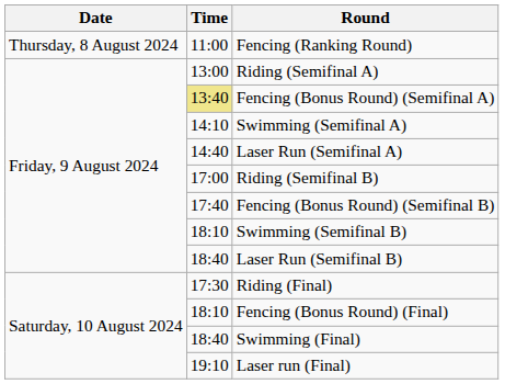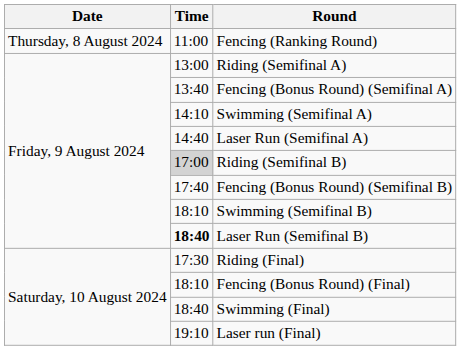 <table class="wikitable">
 <tr>
 <th>Date</th>
 <th>Time</th>
 <th>Round</th>
 </tr>
 <tr>
 <td>Thursday, 8 August 2024</td>
 <td>11:00</td>
 <td>Fencing (Ranking Round)</td>
 </tr>
 <tr>
 <td rowspan="8">Friday, 9 August 2024</td>
 <td>13:00</td>
 <td>Riding (Semifinal A)</td>
 </tr>
 <tr>
-<td style="background: khaki;">13:40</td>
+<td>13:40</td>
 <td>Fencing (Bonus Round) (Semifinal A)</td>
 </tr>
 <tr>
 <td>14:10</td>
 <td>Swimming (Semifinal A)</td>
 </tr>
 <tr>
 <td>14:40</td>
 <td>Laser Run (Semifinal A)</td>
 </tr>
 <tr>
-<td>17:00</td>
+<td style="background: lightgrey;">17:00</td>
 <td>Riding (Semifinal B)</td>
 </tr>
 <tr>
 <td>17:40</td>
 <td>Fencing (Bonus Round) (Semifinal B)</td>
 </tr>
 <tr>
 <td>18:10</td>
 <td>Swimming (Semifinal B)</td>
 </tr>
 <tr>
-<td>18:40</td>
+<td><strong>18:40</strong></td>
 <td>Laser Run (Semifinal B)</td>
 </tr>
 <tr>
 <td rowspan="4">Saturday, 10 August 2024</td>
 <td>17:30</td>
 <td>Riding (Final)</td>
 </tr>
 <tr>
 <td>18:10</td>
 <td>Fencing (Bonus Round) (Final)</td>
 </tr>
 <tr>
 <td>18:40</td>
 <td>Swimming (Final)</td>
 </tr>
 <tr>
 <td>19:10</td>
 <td>Laser run (Final)</td>
 </tr>
 </table>
